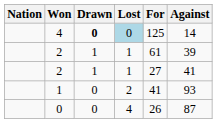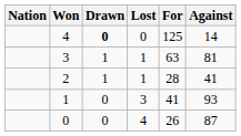 <table class="wikitable" style="text-align: center;">
 <tr>
 <th>Nation</th>
 <th>Won</th>
 <th>Drawn</th>
 <th>Lost</th>
 <th>For</th>
 <th>Against</th>
 </tr>
 <tr>
 <td align="left"></td>
 <td>4</td>
 <td><strong>0</strong></td>
-<td style="background: lightblue;">0</td>
+<td>0</td>
 <td>125</td>
 <td>14</td>
+</tr>
+<tr>
+<td align="left"></td>
+<td>3</td>
+<td>1</td>
+<td>1</td>
+<td>63</td>
+<td>81</td>
 </tr>
 <tr>
 <td align="left"></td>
 <td>2</td>
 <td>1</td>
 <td>1</td>
-<td>61</td>
-<td>39</td>
-</tr>
-<tr>
-<td align="left"></td>
-<td>2</td>
-<td>1</td>
-<td>1</td>
-<td>27</td>
+<td>28</td>
 <td>41</td>
 </tr>
 <tr>
 <td align="left"></td>
 <td>1</td>
 <td>0</td>
-<td>2</td>
+<td>3</td>
 <td>41</td>
 <td>93</td>
 </tr>
 <tr>
 <td align="left"></td>
 <td>0</td>
 <td>0</td>
 <td>4</td>
 <td>26</td>
 <td>87</td>
 </tr>
 </table>
